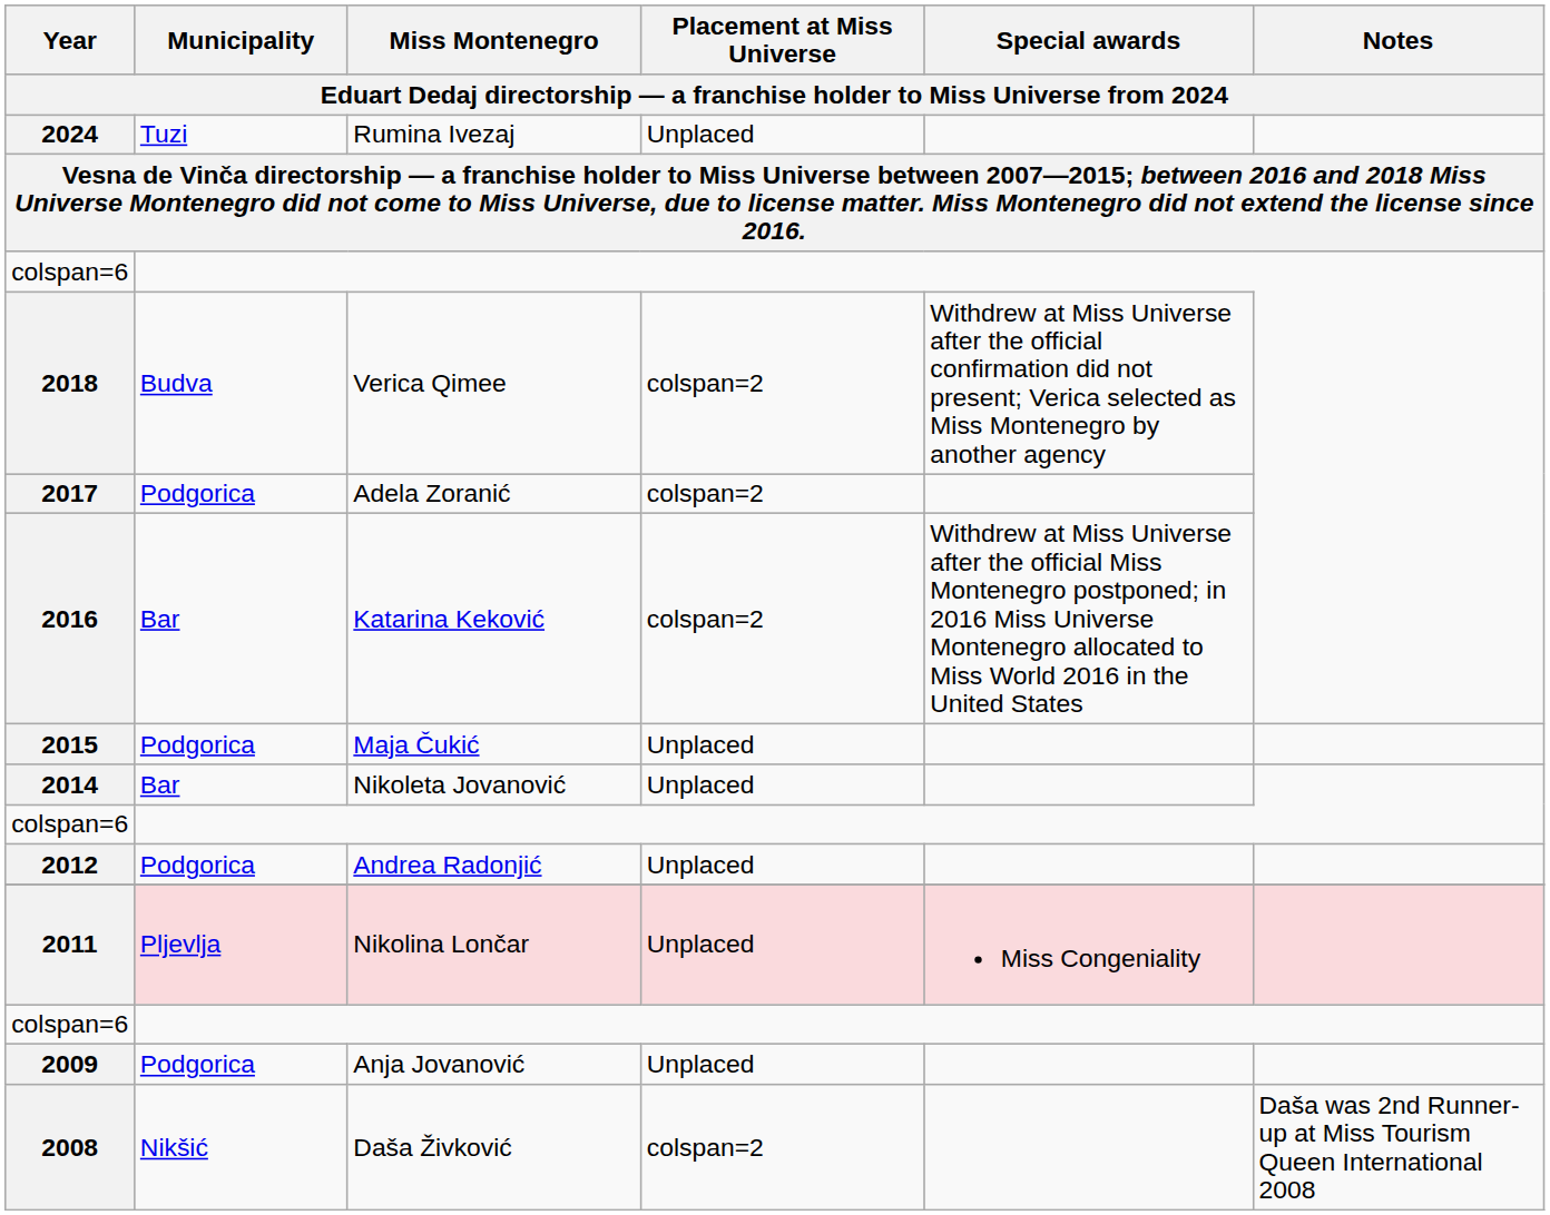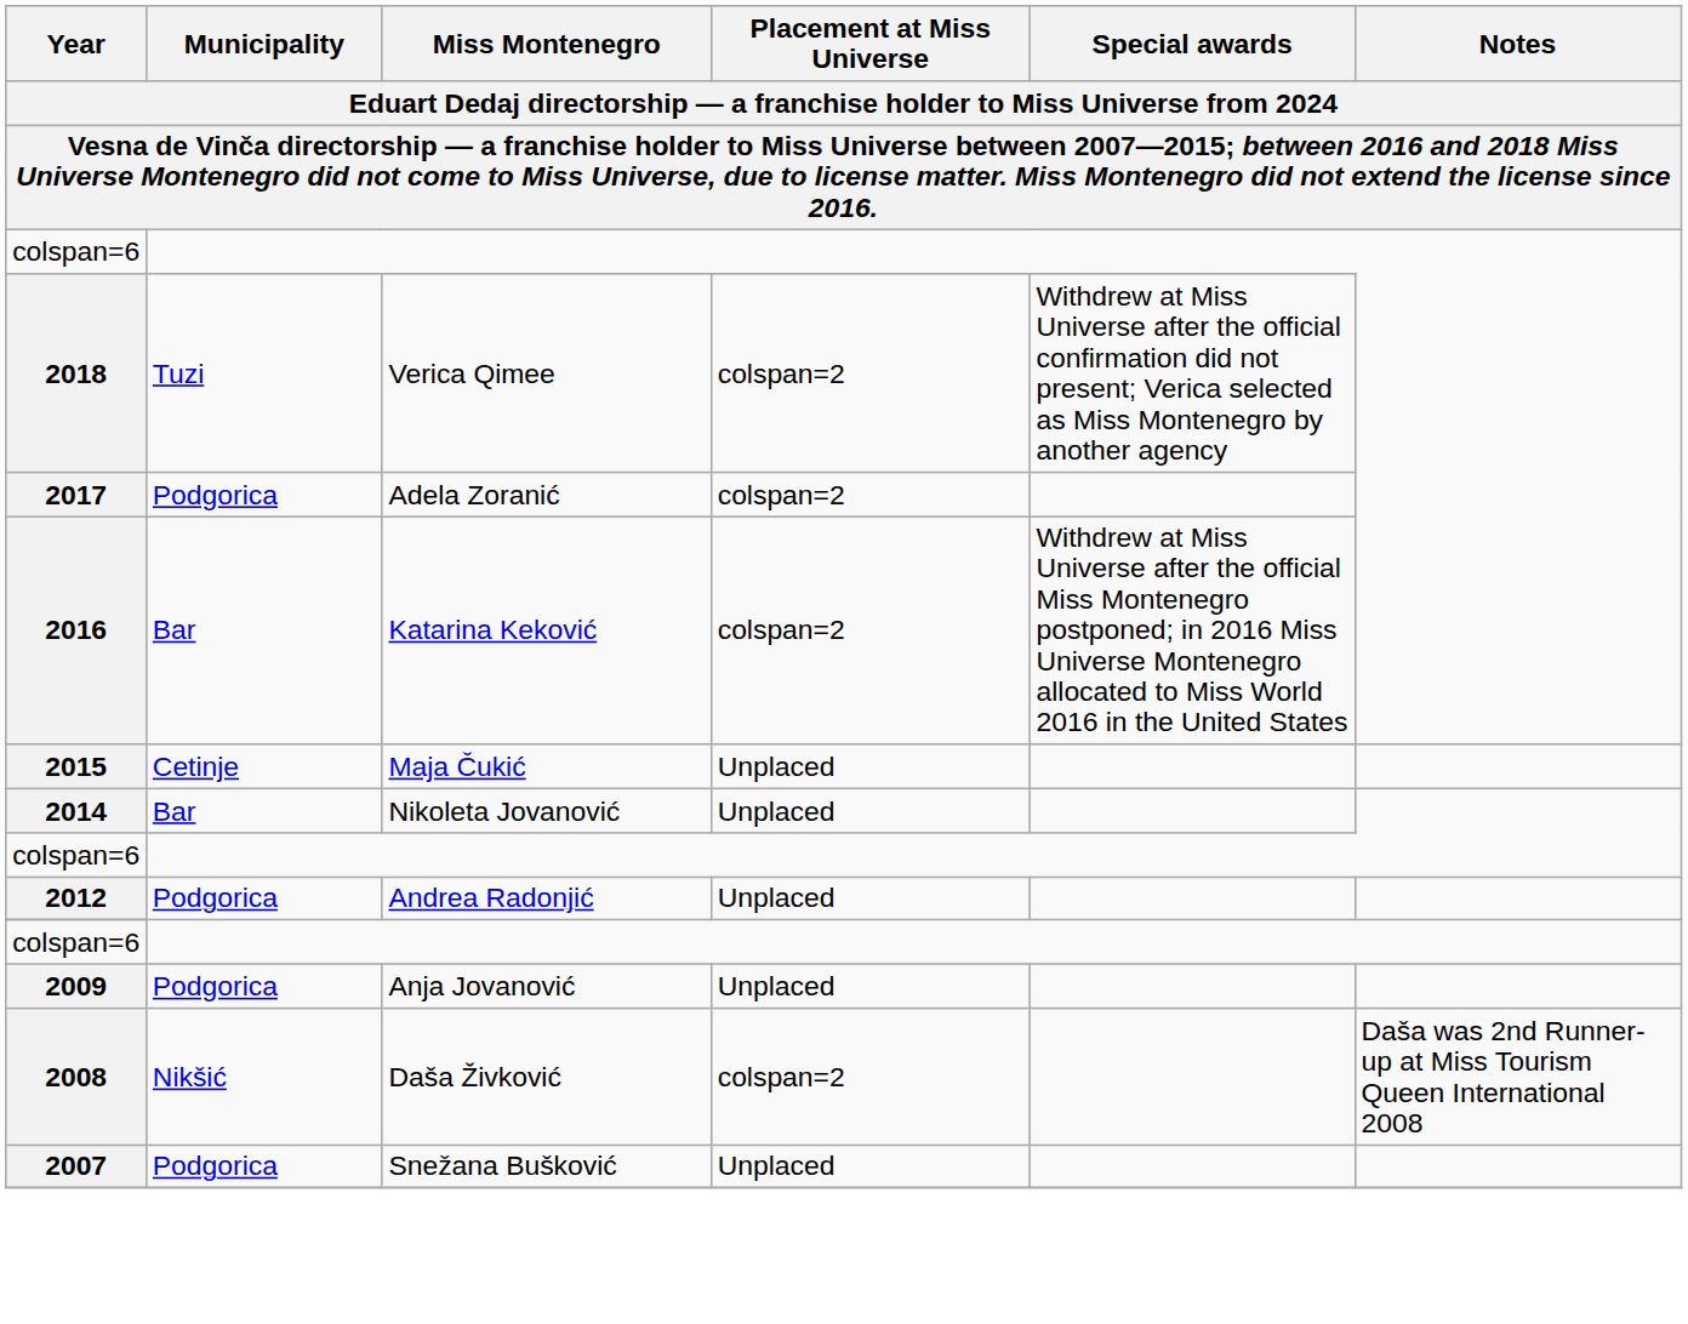 <table class="wikitable " style="font-size: 90%;">
 <tr>
 <th width="60">Year</th>
 <th width="150">Municipality</th>
 <th width="250">Miss Montenegro</th>
 <th width="250">Placement at Miss Universe</th>
 <th width="250">Special awards</th>
 <th width="250">Notes</th>
 </tr>
 <tr>
 <th colspan="6">Eduart Dedaj directorship — a franchise holder to Miss Universe from 2024</th>
 </tr>
 <tr>
-<th>2024</th>
-<td><a href='#'>Tuzi</a></td>
-<td>Rumina Ivezaj</td>
-<td>Unplaced</td>
-<td></td>
-<td></td>
-</tr>
-<tr>
 <th colspan="6">Vesna de Vinča directorship — a franchise holder to Miss Universe between 2007―2015; <em>between 2016 and 2018 Miss Universe Montenegro did not come to Miss Universe, due to license matter. Miss Montenegro did not extend the license since 2016.</em></th>
 </tr>
 <tr>
 <td>colspan=6 </td>
 </tr>
 <tr>
 <th>2018</th>
-<td><a href='#'>Budva</a></td>
+<td><a href='#'>Tuzi</a></td>
 <td>Verica Qimee</td>
 <td>colspan=2 </td>
 <td>Withdrew at Miss Universe after the official confirmation did not present; Verica selected as Miss Montenegro by another agency</td>
 </tr>
 <tr>
 <th>2017</th>
 <td><a href='#'>Podgorica</a></td>
 <td>Adela Zoranić</td>
 <td>colspan=2 </td>
 <td></td>
 </tr>
 <tr>
 <th>2016</th>
 <td><a href='#'>Bar</a></td>
 <td><a href='#'>Katarina Keković</a></td>
 <td>colspan=2 </td>
 <td>Withdrew at Miss Universe after the official Miss Montenegro postponed; in 2016 Miss Universe Montenegro allocated to Miss World 2016 in the United States</td>
 </tr>
 <tr>
 <th>2015</th>
-<td><a href='#'>Podgorica</a></td>
+<td><a href='#'>Cetinje</a></td>
 <td><a href='#'>Maja Čukić</a></td>
 <td>Unplaced</td>
 <td></td>
 <td></td>
 </tr>
 <tr>
 <th>2014</th>
 <td><a href='#'>Bar</a></td>
 <td>Nikoleta Jovanović</td>
 <td>Unplaced</td>
 <td></td>
 </tr>
 <tr>
 <td>colspan=6 </td>
 </tr>
 <tr>
 <th>2012</th>
 <td><a href='#'>Podgorica</a></td>
 <td><a href='#'>Andrea Radonjić</a></td>
 <td>Unplaced</td>
 <td></td>
 <td></td>
 </tr>
 <tr>
 </tr>
-<tr style="background-color:#FADADD; ">
-<th>2011</th>
-<td><a href='#'>Pljevlja</a></td>
-<td>Nikolina Lončar</td>
-<td>Unplaced</td>
-<td align="left"><br><ul><li>Miss Congeniality</li></ul></td>
-<td></td>
-</tr>
 <tr>
 <td>colspan=6 </td>
 </tr>
 <tr>
 <th>2009</th>
 <td><a href='#'>Podgorica</a></td>
 <td>Anja Jovanović</td>
 <td>Unplaced</td>
 <td></td>
 <td></td>
 </tr>
 <tr>
 <th>2008</th>
 <td><a href='#'>Nikšić</a></td>
 <td>Daša Živković</td>
 <td>colspan=2 </td>
 <td></td>
 <td>Daša was 2nd Runner-up at Miss Tourism Queen International 2008</td>
 </tr>
 <tr>
+<th>2007</th>
+<td><a href='#'>Podgorica</a></td>
+<td>Snežana Bušković</td>
+<td>Unplaced</td>
+<td></td>
+<td></td>
+</tr>
+<tr>
 </tr>
 </table>
